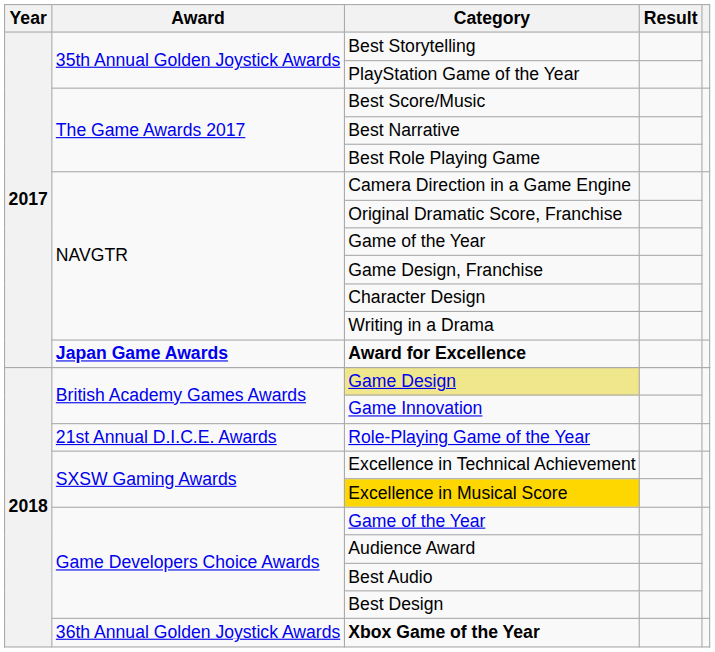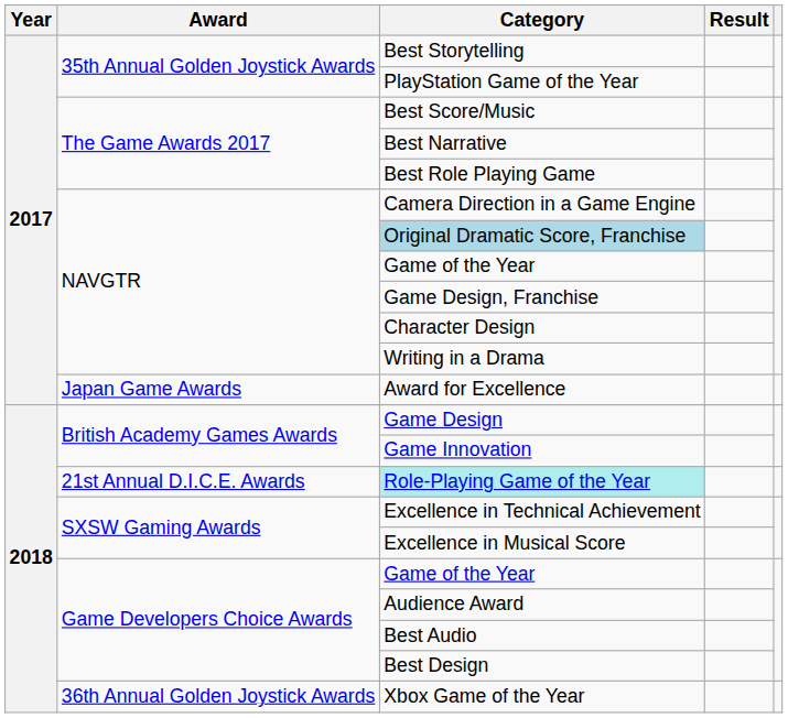 <table class="wikitable sortable plainrowheaders">
 <tr>
 <th scope="col">Year</th>
 <th scope="col">Award</th>
 <th scope="col">Category</th>
 <th scope="col">Result</th>
 <th scope="col"></th>
 </tr>
 <tr>
 <th scope="row" rowspan="12" style="text-align:center;">2017</th>
 <td rowspan="2"><a href='#'>35th Annual Golden Joystick Awards</a></td>
 <td>Best Storytelling</td>
 <td></td>
 <td rowspan="2" style="text-align:center;"></td>
 </tr>
 <tr>
 <td>PlayStation Game of the Year</td>
 <td></td>
 </tr>
 <tr>
 <td rowspan="3"><a href='#'>The Game Awards 2017</a></td>
 <td>Best Score/Music</td>
 <td></td>
 <td rowspan="3" style="text-align:center;"></td>
 </tr>
 <tr>
 <td>Best Narrative</td>
 <td></td>
 </tr>
 <tr>
 <td>Best Role Playing Game</td>
 <td></td>
 </tr>
 <tr>
 <td rowspan="6">NAVGTR</td>
 <td>Camera Direction in a Game Engine</td>
 <td></td>
 <td rowspan="6" style="text-align:center;"></td>
 </tr>
 <tr>
-<td>Original Dramatic Score, Franchise</td>
+<td style="background: lightblue;">Original Dramatic Score, Franchise</td>
 <td></td>
 </tr>
 <tr>
 <td>Game of the Year</td>
 <td></td>
 </tr>
 <tr>
 <td>Game Design, Franchise</td>
 <td></td>
 </tr>
 <tr>
 <td>Character Design</td>
 <td></td>
 </tr>
 <tr>
 <td>Writing in a Drama</td>
 <td></td>
 </tr>
 <tr>
-<td><strong><a href='#'>Japan Game Awards</a></strong></td>
-<td><strong>Award for Excellence</strong></td>
+<td><a href='#'>Japan Game Awards</a></td>
+<td>Award for Excellence</td>
 <td></td>
 <td style="text-align:center;"></td>
 </tr>
 <tr>
 <th scope="row" rowspan="11" style="text-align:center;">2018</th>
 </tr>
 <tr>
 <td rowspan="2"><a href='#'>British Academy Games Awards</a></td>
-<td style="background: khaki;"><a href='#'>Game Design</a></td>
+<td><a href='#'>Game Design</a></td>
 <td></td>
 <td rowspan="2" style="text-align:center;"></td>
 </tr>
 <tr>
 <td><a href='#'>Game Innovation</a></td>
 <td></td>
 </tr>
 <tr>
 <td><a href='#'>21st Annual D.I.C.E. Awards</a></td>
-<td><a href='#'>Role-Playing Game of the Year</a></td>
+<td style="background: paleturquoise;"><a href='#'>Role-Playing Game of the Year</a></td>
 <td></td>
 <td style="text-align:center;"></td>
 </tr>
 <tr>
 <td rowspan="2"><a href='#'>SXSW Gaming Awards</a></td>
 <td>Excellence in Technical Achievement</td>
 <td></td>
 <td rowspan="2" style="text-align:center;"></td>
 </tr>
 <tr>
-<td style="background: gold;">Excellence in Musical Score</td>
+<td>Excellence in Musical Score</td>
 <td></td>
 </tr>
 <tr>
 <td rowspan="4"><a href='#'>Game Developers Choice Awards</a></td>
 <td><a href='#'>Game of the Year</a></td>
 <td></td>
 <td rowspan="4" style="text-align:center;"></td>
 </tr>
 <tr>
 <td>Audience Award</td>
 <td></td>
 </tr>
 <tr>
 <td>Best Audio</td>
 <td></td>
 </tr>
 <tr>
 <td>Best Design</td>
 <td></td>
 </tr>
 <tr>
 <td><a href='#'>36th Annual Golden Joystick Awards</a></td>
-<td><strong>Xbox Game of the Year</strong></td>
+<td>Xbox Game of the Year</td>
 <td></td>
 <td style="text-align:center;"></td>
 </tr>
 </table>
